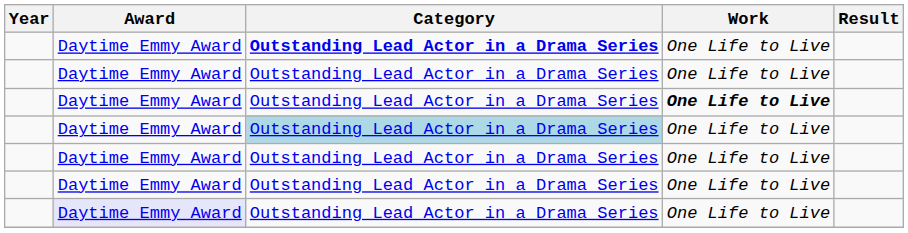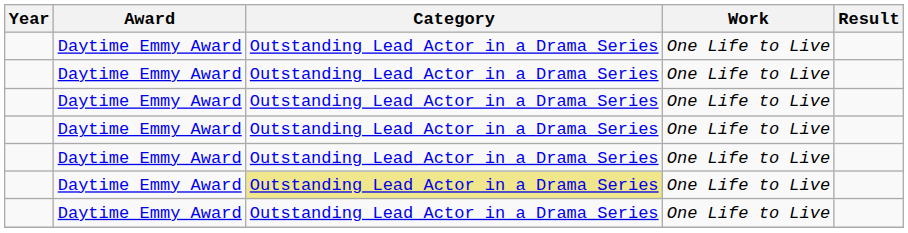 <table class="wikitable sortable plainrowheaders">
 <tr>
 <th scope="col">Year</th>
 <th scope="col">Award</th>
 <th scope="col">Category</th>
 <th scope="col">Work</th>
 <th scope="col">Result</th>
 </tr>
 <tr>
 <td></td>
 <td><a href='#'>Daytime Emmy Award</a></td>
-<td><strong><a href='#'>Outstanding Lead Actor in a Drama Series</a></strong></td>
-<td><em>One Life to Live</em></td>
-<td></td>
-</tr>
-<tr>
-<td></td>
-<td><a href='#'>Daytime Emmy Award</a></td>
 <td><a href='#'>Outstanding Lead Actor in a Drama Series</a></td>
-<td><em>One Life to Live</em></td>
-<td></td>
-</tr>
-<tr>
-<td></td>
-<td><a href='#'>Daytime Emmy Award</a></td>
-<td><a href='#'>Outstanding Lead Actor in a Drama Series</a></td>
-<td><strong><em>One Life to Live</em></strong></td>
-<td></td>
-</tr>
-<tr>
-<td></td>
-<td><a href='#'>Daytime Emmy Award</a></td>
-<td style="background: lightblue;"><a href='#'>Outstanding Lead Actor in a Drama Series</a></td>
 <td><em>One Life to Live</em></td>
 <td></td>
 </tr>
 <tr>
 <td></td>
 <td><a href='#'>Daytime Emmy Award</a></td>
 <td><a href='#'>Outstanding Lead Actor in a Drama Series</a></td>
 <td><em>One Life to Live</em></td>
 <td></td>
 </tr>
 <tr>
 <td></td>
 <td><a href='#'>Daytime Emmy Award</a></td>
 <td><a href='#'>Outstanding Lead Actor in a Drama Series</a></td>
 <td><em>One Life to Live</em></td>
 <td></td>
 </tr>
 <tr>
 <td></td>
-<td style="background: lavender;"><a href='#'>Daytime Emmy Award</a></td>
+<td><a href='#'>Daytime Emmy Award</a></td>
+<td><a href='#'>Outstanding Lead Actor in a Drama Series</a></td>
+<td><em>One Life to Live</em></td>
+<td></td>
+</tr>
+<tr>
+<td></td>
+<td><a href='#'>Daytime Emmy Award</a></td>
+<td><a href='#'>Outstanding Lead Actor in a Drama Series</a></td>
+<td><em>One Life to Live</em></td>
+<td></td>
+</tr>
+<tr>
+<td></td>
+<td><a href='#'>Daytime Emmy Award</a></td>
+<td style="background: khaki;"><a href='#'>Outstanding Lead Actor in a Drama Series</a></td>
+<td><em>One Life to Live</em></td>
+<td></td>
+</tr>
+<tr>
+<td></td>
+<td><a href='#'>Daytime Emmy Award</a></td>
 <td><a href='#'>Outstanding Lead Actor in a Drama Series</a></td>
 <td><em>One Life to Live</em></td>
 <td></td>
 </tr>
 <tr>
 </tr>
 </table>
